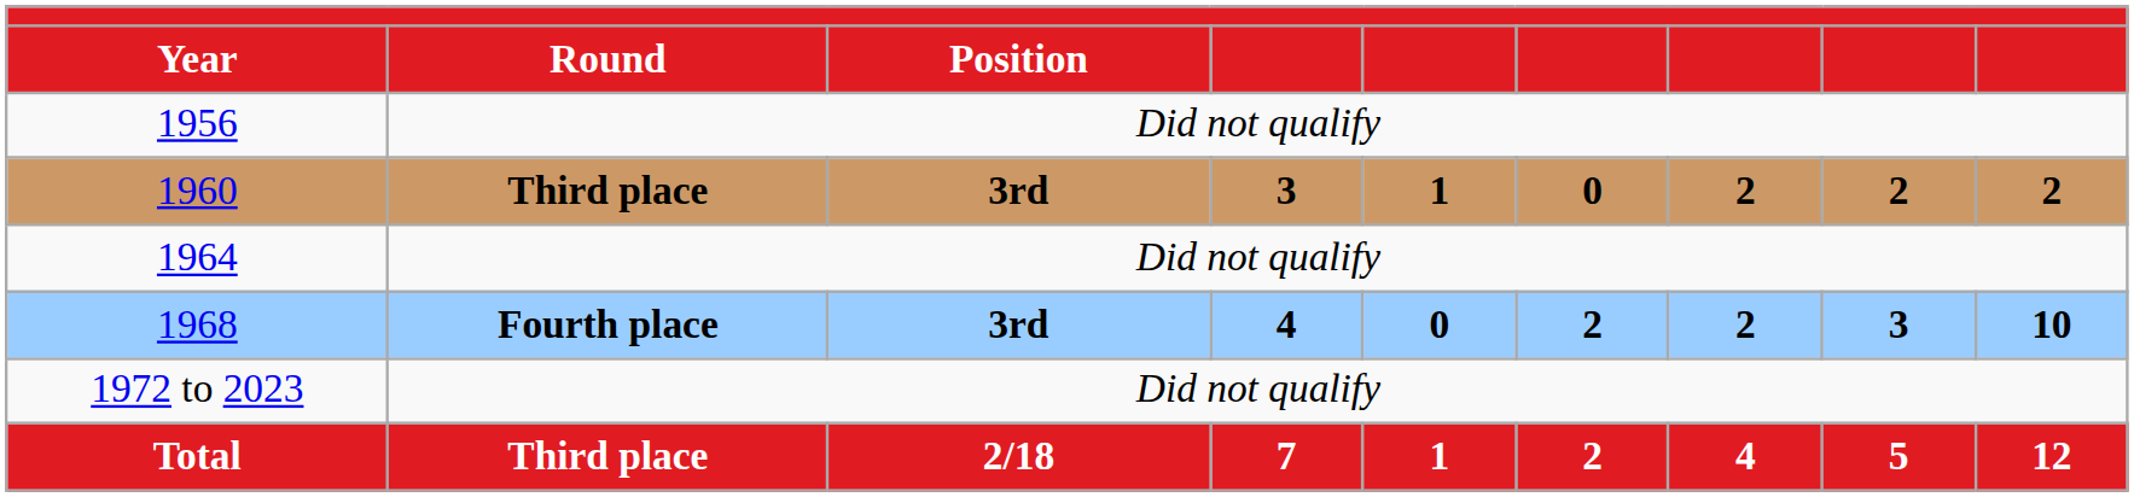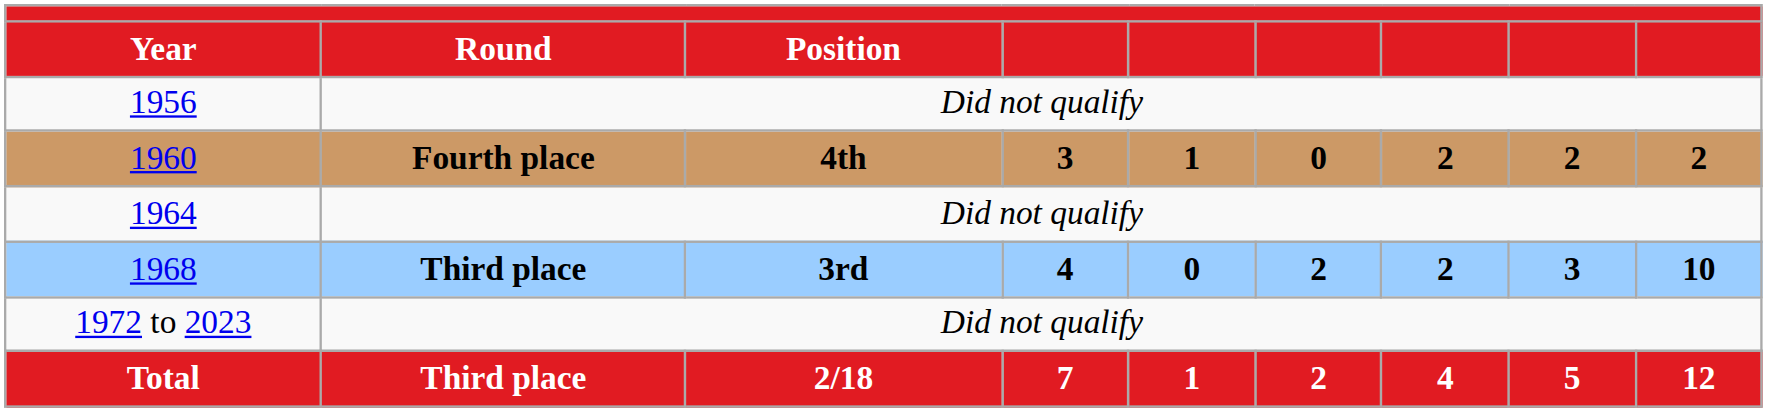 <table class="wikitable" style="width:60%; font-size:90%; text-align:center;">
 <tr style="color:white;">
 <th style="background:#e11b22;" colspan=9><a href='#'></a></th>
 </tr>
 <tr style="color:white;">
 <th style="width:60px; background:#e11b22;">Year</th>
 <th style="width:70px; background:#e11b22;">Round</th>
 <th style="width:60px; background:#e11b22;">Position</th>
 <th style="width:20px; background:#e11b22;"></th>
 <th style="width:20px; background:#e11b22;"></th>
 <th style="width:20px; background:#e11b22;"></th>
 <th style="width:20px; background:#e11b22;"></th>
 <th style="width:20px; background:#e11b22;"></th>
 <th style="width:20px; background:#e11b22;"></th>
 </tr>
 <tr>
 <td> <a href='#'>1956</a></td>
 <td colspan=8><em>Did not qualify</em></td>
 </tr>
 <tr style="background:#c96;">
 <td> <a href='#'>1960</a></td>
-<td><strong>Third place</strong></td>
-<td><strong>3rd</strong></td>
+<td><strong>Fourth place</strong></td>
+<td><strong>4th</strong></td>
 <td><strong>3</strong></td>
 <td><strong>1</strong></td>
 <td><strong>0</strong></td>
 <td><strong>2</strong></td>
 <td><strong>2</strong></td>
 <td><strong>2</strong></td>
 </tr>
 <tr>
 <td> <a href='#'>1964</a></td>
 <td colspan=8><em>Did not qualify</em></td>
 </tr>
 <tr style="background:#9acdff">
 <td> <a href='#'>1968</a></td>
-<td><strong>Fourth place</strong></td>
+<td><strong>Third place</strong></td>
 <td><strong>3rd</strong></td>
 <td><strong>4</strong></td>
 <td><strong>0</strong></td>
 <td><strong>2</strong></td>
 <td><strong>2</strong></td>
 <td><strong>3</strong></td>
 <td><strong>10</strong></td>
 </tr>
 <tr>
 <td> <a href='#'>1972</a> to  <a href='#'>2023</a></td>
 <td colspan=8><em>Did not qualify</em></td>
 </tr>
 <tr>
 </tr>
 <tr style="color:white;">
 <th style="background:#e11b22;">Total</th>
 <th style="background:#e11b22;">Third place</th>
 <th style="background:#e11b22;">2/18</th>
 <th style="background:#e11b22;">7</th>
 <th style="background:#e11b22;">1</th>
 <th style="background:#e11b22;">2</th>
 <th style="background:#e11b22;">4</th>
 <th style="background:#e11b22;">5</th>
 <th style="background:#e11b22;">12</th>
 </tr>
 </table>
